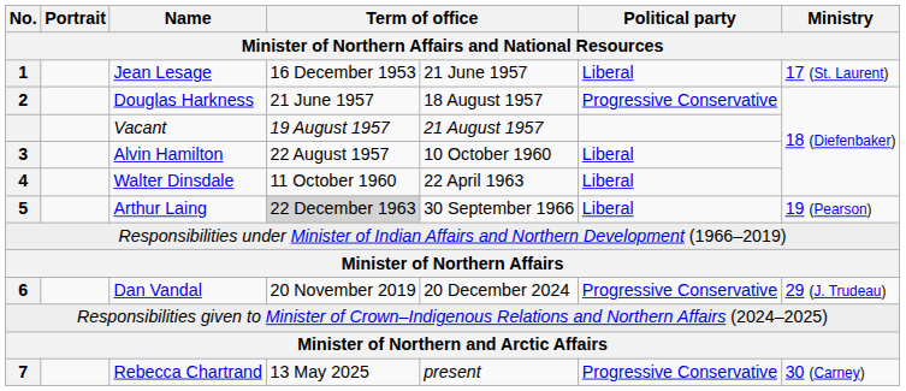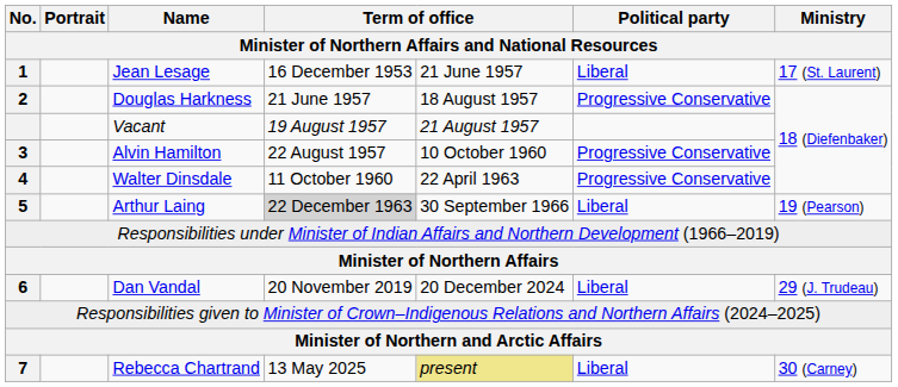 <table class="wikitable sortable">
 <tr>
 <th>No.</th>
 <th>Portrait</th>
 <th>Name</th>
 <th colspan=2>Term of office</th>
 <th>Political party</th>
 <th>Ministry</th>
 </tr>
 <tr>
 <th colspan=7>Minister of Northern Affairs and National Resources</th>
 </tr>
 <tr>
 <th style="background:">1</th>
 <td align=center></td>
 <td><a href='#'>Jean Lesage</a></td>
 <td>16 December 1953</td>
 <td>21 June 1957</td>
 <td><a href='#'>Liberal</a></td>
 <td><a href='#'>17</a> <small>(<a href='#'>St. Laurent</a>)</small></td>
 </tr>
 <tr>
 <th style="background:">2</th>
 <td align=center></td>
 <td><a href='#'>Douglas Harkness</a></td>
 <td>21 June 1957</td>
 <td>18 August 1957</td>
 <td><a href='#'>Progressive Conservative</a></td>
 <td rowspan=4><a href='#'>18</a> <small>(<a href='#'>Diefenbaker</a>)</small></td>
 </tr>
 <tr>
 <th></th>
 <td align=center></td>
 <td><em>Vacant</em></td>
 <td><em>19 August 1957</em></td>
 <td><em>21 August 1957</em></td>
 <td></td>
 </tr>
 <tr>
 <th style="background:">3</th>
 <td align=center></td>
 <td><a href='#'>Alvin Hamilton</a></td>
 <td>22 August 1957</td>
 <td>10 October 1960</td>
-<td><a href='#'>Liberal</a></td>
+<td><a href='#'>Progressive Conservative</a></td>
 </tr>
 <tr>
 <th style="background:">4</th>
 <td align=center></td>
 <td><a href='#'>Walter Dinsdale</a></td>
 <td>11 October 1960</td>
 <td>22 April 1963</td>
-<td><a href='#'>Liberal</a></td>
+<td><a href='#'>Progressive Conservative</a></td>
 </tr>
 <tr>
 <th style="background:">5</th>
 <td align=center></td>
 <td><a href='#'>Arthur Laing</a></td>
 <td style="background: lightgrey;">22 December 1963</td>
 <td>30 September 1966</td>
 <td><a href='#'>Liberal</a></td>
 <td><a href='#'>19</a> <small>(<a href='#'>Pearson</a>)</small></td>
 </tr>
 <tr>
 <td colspan=7 align=center style="background:#EEE;"><em>Responsibilities under <a href='#'>Minister of Indian Affairs and Northern Development</a></em> (1966–2019)</td>
 </tr>
 <tr>
 <th colspan=7>Minister of Northern Affairs</th>
 </tr>
 <tr>
 <th style="background:">6</th>
 <td align=center></td>
 <td><a href='#'>Dan Vandal</a></td>
 <td>20 November 2019</td>
 <td>20 December 2024</td>
-<td><a href='#'>Progressive Conservative</a></td>
+<td><a href='#'>Liberal</a></td>
 <td><a href='#'>29</a> <small>(<a href='#'>J. Trudeau</a>)</small></td>
 </tr>
 <tr>
 <td colspan=7 align=center style="background:#EEE;"><em>Responsibilities given to <a href='#'>Minister of Crown–Indigenous Relations and Northern Affairs</a></em> (2024–2025)</td>
 </tr>
 <tr>
 <th colspan=7>Minister of Northern and Arctic Affairs</th>
 </tr>
 <tr>
 <th style="background:">7</th>
 <td align=center></td>
 <td><a href='#'>Rebecca Chartrand</a></td>
 <td>13 May 2025</td>
-<td><em>present</em></td>
-<td><a href='#'>Progressive Conservative</a></td>
+<td style="background: khaki;"><em>present</em></td>
+<td><a href='#'>Liberal</a></td>
 <td><a href='#'>30</a> <small>(<a href='#'>Carney</a>)</small></td>
 </tr>
 </table>
